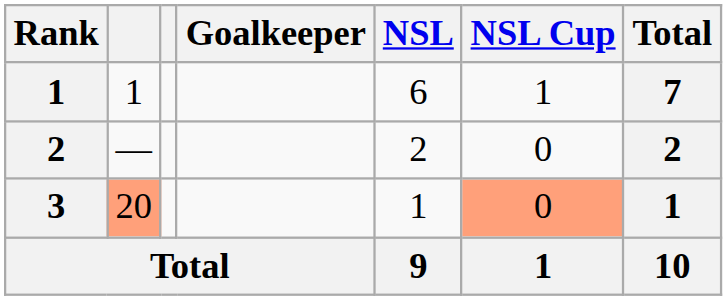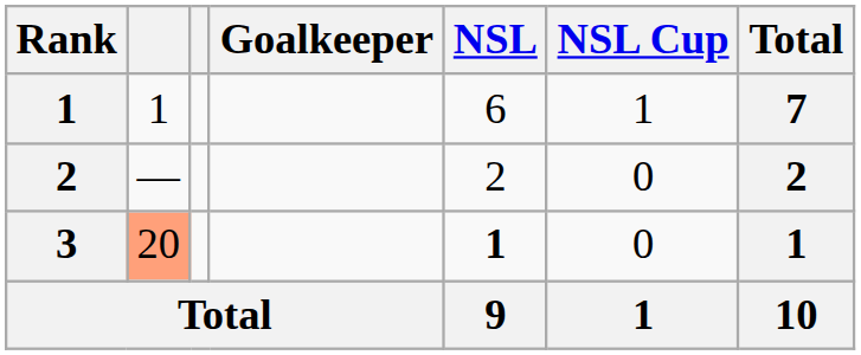 <table class="wikitable sortable" style="text-align:center">
 <tr>
 <th>Rank</th>
 <th></th>
 <th></th>
 <th>Goalkeeper</th>
 <th><a href='#'>NSL</a></th>
 <th><a href='#'>NSL Cup</a></th>
 <th>Total</th>
 </tr>
 <tr>
 <th>1</th>
 <td>1</td>
 <td></td>
 <td align="left"></td>
 <td>6</td>
 <td>1</td>
 <th>7</th>
 </tr>
 <tr>
 <th>2</th>
 <td>—</td>
 <td></td>
 <td align="left"></td>
 <td>2</td>
 <td>0</td>
 <th>2</th>
 </tr>
 <tr>
 <th>3</th>
 <td style="background: lightsalmon;">20</td>
 <td></td>
 <td align="left"></td>
-<td>1</td>
-<td style="background: lightsalmon;">0</td>
+<td><strong>1</strong></td>
+<td>0</td>
 <th>1</th>
 </tr>
 <tr>
 <th colspan="4">Total</th>
 <th>9</th>
 <th>1</th>
 <th>10</th>
 </tr>
 </table>
